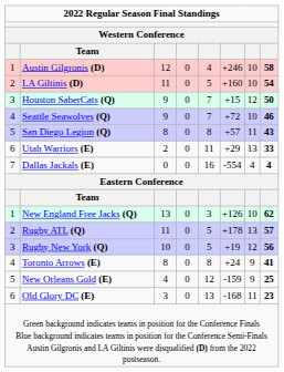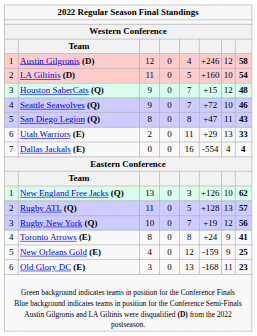 <table class="wikitable" style="font-size:90%; float:right; margin-left:15px; text-align: center;">
 <tr>
 <td colspan=100%><strong>2022 Regular Season Final Standings</strong></td>
 </tr>
 <tr>
 <td colspan=100%></td>
 </tr>
 <tr>
 <th colspan=100%><strong>Western Conference</strong></th>
 </tr>
 <tr>
 <th width="15"></th>
 <th width="190">Team</th>
 <th width="25"></th>
 <th width="25"></th>
 <th width="25"></th>
 <th width="20"></th>
 <th width="15"></th>
 <th width="20"></th>
 </tr>
 <tr style="background-color:#FFCCCC;">
 <td>1</td>
 <td style="text-align:left;"><a href='#'>Austin Gilgronis</a> <strong>(D)</strong></td>
 <td>12</td>
 <td>0</td>
 <td>4</td>
 <td>+246</td>
-<td>10</td>
+<td>12</td>
 <td><strong>58</strong></td>
 </tr>
 <tr style="background-color:#FFCCCC;">
 <td>2</td>
 <td style="text-align:left;"><a href='#'>LA Giltinis</a> <strong>(D)</strong></td>
 <td>11</td>
 <td>0</td>
 <td>5</td>
 <td>+160</td>
 <td>10</td>
 <td><strong>54</strong></td>
 </tr>
 <tr style="background-color:#d8ffeb;">
 <td>3</td>
 <td style="text-align:left;"><a href='#'>Houston SaberCats</a> <strong>(Q)</strong></td>
 <td>9</td>
 <td>0</td>
 <td>7</td>
 <td>+15</td>
 <td>12</td>
-<td><strong>50</strong></td>
+<td><strong>48</strong></td>
 </tr>
 <tr style="background-color:#ccccff;">
 <td>4</td>
 <td style="text-align:left;"><a href='#'>Seattle Seawolves</a> <strong>(Q)</strong></td>
 <td>9</td>
 <td>0</td>
 <td>7</td>
 <td>+72</td>
 <td>10</td>
 <td><strong>46</strong></td>
 </tr>
 <tr style="background-color:#ccccff;">
 <td>5</td>
 <td style="text-align:left;"><a href='#'>San Diego Legion</a> <strong>(Q)</strong></td>
 <td>8</td>
 <td>0</td>
 <td>8</td>
-<td>+57</td>
+<td>+47</td>
 <td>11</td>
 <td><strong>43</strong></td>
 </tr>
 <tr>
 <td>6</td>
 <td style="text-align:left;"><a href='#'>Utah Warriors</a> <strong>(E)</strong></td>
 <td>2</td>
 <td>0</td>
 <td>11</td>
 <td>+29</td>
 <td>13</td>
 <td><strong>33</strong></td>
 </tr>
 <tr>
 <td>7</td>
 <td style="text-align:left;"><a href='#'>Dallas Jackals</a> <strong>(E)</strong></td>
 <td>0</td>
 <td>0</td>
 <td>16</td>
 <td>-554</td>
 <td>4</td>
 <td><strong>4</strong></td>
 </tr>
 <tr>
 <th colspan=100%><strong>Eastern Conference</strong></th>
 </tr>
 <tr>
 <th width="15"></th>
 <th width="190">Team</th>
 <th width="25"></th>
 <th width="25"></th>
 <th width="25"></th>
 <th width="20"></th>
 <th width="15"></th>
 <th width="20"></th>
 </tr>
 <tr style="background-color:#d8ffeb;">
 <td>1</td>
 <td style="text-align:left;"><a href='#'>New England Free Jacks</a> <strong>(Q)</strong></td>
 <td>13</td>
 <td>0</td>
 <td>3</td>
 <td>+126</td>
 <td>10</td>
 <td><strong>62</strong></td>
 </tr>
 <tr style="background-color:#ccccff;">
 <td>2</td>
 <td style="text-align:left;"><a href='#'>Rugby ATL</a> <strong>(Q)</strong></td>
 <td>11</td>
 <td>0</td>
 <td>5</td>
-<td>+178</td>
+<td>+128</td>
 <td>13</td>
 <td><strong>57</strong></td>
 </tr>
 <tr style="background-color:#ccccff;">
 <td>3</td>
 <td style="text-align:left;"><a href='#'>Rugby New York</a> <strong>(Q)</strong></td>
 <td>10</td>
 <td>0</td>
-<td>5</td>
+<td>7</td>
 <td>+19</td>
 <td>12</td>
 <td><strong>56</strong></td>
 </tr>
 <tr>
 <td>4</td>
 <td style="text-align:left;"><a href='#'>Toronto Arrows</a> <strong>(E)</strong></td>
 <td>8</td>
 <td>0</td>
 <td>8</td>
 <td>+24</td>
 <td>9</td>
 <td><strong>41</strong></td>
 </tr>
 <tr>
 <td>5</td>
 <td style="text-align:left;"><a href='#'>New Orleans Gold</a> <strong>(E)</strong></td>
 <td>4</td>
 <td>0</td>
 <td>12</td>
 <td>-159</td>
 <td>9</td>
 <td><strong>25</strong></td>
 </tr>
 <tr>
 <td>6</td>
 <td style="text-align:left;"><a href='#'>Old Glory DC</a> <strong>(E)</strong></td>
 <td>3</td>
 <td>0</td>
 <td>13</td>
 <td>-168</td>
 <td>11</td>
 <td><strong>23</strong></td>
 </tr>
 <tr>
 <td colspan="100%"><br><small><span>Green background</span> indicates teams in position for the Conference Finals<br></small> <small><span>Blue background</span> indicates teams in position for the Conference Semi-Finals</small> <small><br> Austin Gilgronis and LA Giltinis were disqualified <strong>(D)</strong> from the 2022 postseason.</small></td>
 </tr>
 </table>
